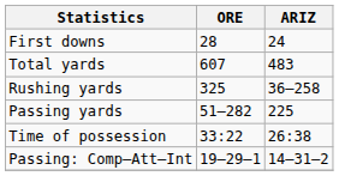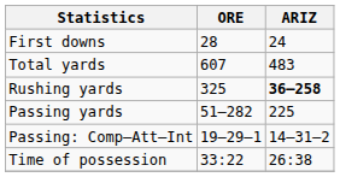 <table class="wikitable" style="float: left;">
 <tr>
 <th>Statistics</th>
 <th>ORE</th>
 <th>ARIZ</th>
 </tr>
 <tr>
 <td>First downs</td>
 <td>28</td>
 <td>24</td>
 </tr>
 <tr>
 <td>Total yards</td>
 <td>607</td>
 <td>483</td>
 </tr>
 <tr>
 <td>Rushing yards</td>
 <td>325</td>
-<td>36–258</td>
+<td><strong>36–258</strong></td>
 </tr>
 <tr>
 <td>Passing yards</td>
 <td>51–282</td>
 <td>225</td>
 </tr>
 <tr>
+<td>Passing: Comp–Att–Int</td>
+<td>19–29–1</td>
+<td>14–31–2</td>
+</tr>
+<tr>
 <td>Time of possession</td>
 <td>33:22</td>
 <td>26:38</td>
 </tr>
 <tr>
-<td>Passing: Comp–Att–Int</td>
-<td>19–29–1</td>
-<td>14–31–2</td>
-</tr>
-<tr>
 </tr>
 </table>
